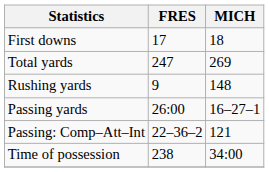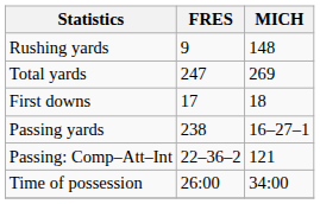 <table class="wikitable" style="float: left;">
 <tr>
 <th>Statistics</th>
 <th>FRES</th>
 <th>MICH</th>
 </tr>
 <tr>
-<td>First downs</td>
-<td>17</td>
-<td>18</td>
+<td>Rushing yards</td>
+<td>9</td>
+<td>148</td>
 </tr>
 <tr>
 <td>Total yards</td>
 <td>247</td>
 <td>269</td>
 </tr>
 <tr>
-<td>Rushing yards</td>
-<td>9</td>
-<td>148</td>
+<td>First downs</td>
+<td>17</td>
+<td>18</td>
 </tr>
 <tr>
 <td>Passing yards</td>
-<td>26:00</td>
+<td>238</td>
 <td>16–27–1</td>
 </tr>
 <tr>
 <td>Passing: Comp–Att–Int</td>
 <td>22–36–2</td>
 <td>121</td>
 </tr>
 <tr>
 <td>Time of possession</td>
-<td>238</td>
+<td>26:00</td>
 <td>34:00</td>
 </tr>
 <tr>
 </tr>
 </table>
